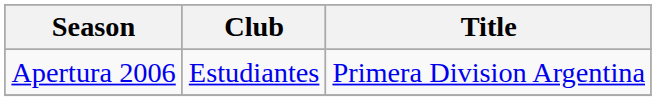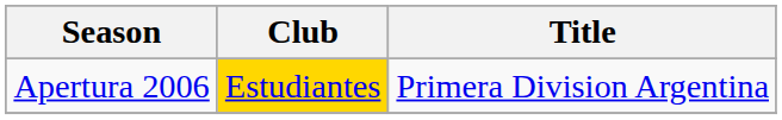 <table class="wikitable">
 <tr>
 <th>Season</th>
 <th>Club</th>
 <th>Title</th>
 </tr>
 <tr>
 <td><a href='#'>Apertura 2006</a></td>
-<td><a href='#'>Estudiantes</a></td>
+<td style="background: gold;"><a href='#'>Estudiantes</a></td>
 <td><a href='#'>Primera Division Argentina</a></td>
 </tr>
 <tr>
 </tr>
 </table>
